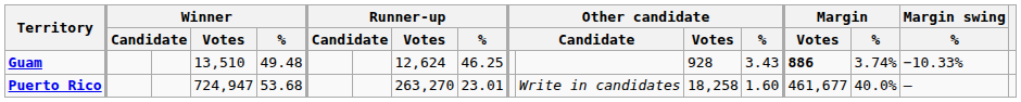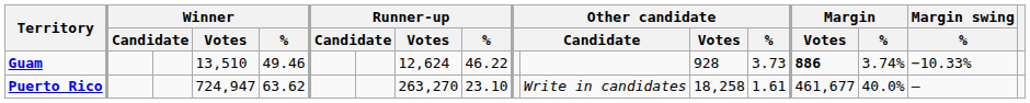 <table class="wikitable sortable">
 <tr>
 <th rowspan="2" scope="col">Territory</th>
 <th colspan="4" scope="col" style="border-left:3px solid darkgray;">Winner</th>
 <th colspan="4" scope="col" style="border-left:3px solid darkgray;">Runner-up</th>
 <th colspan="4" scope="col" style="border-left:3px solid darkgray;">Other candidate</th>
 <th colspan="2" scope="col" style="border-left:3px solid darkgray;">Margin</th>
 <th data-sort-type="number" scope="col">Margin swing</th>
 <th rowspan="2" class="unsortable" scope="col"></th>
 </tr>
 <tr>
 <th colspan="2" scope="col" style="border-left:3px solid darkgray;">Candidate</th>
 <th data-sort-type="number" scope="col">Votes</th>
 <th data-sort-type="number" scope="col">%</th>
 <th colspan="2" scope="col" style="border-left:3px solid darkgray;">Candidate</th>
 <th data-sort-type="number" scope="col">Votes</th>
 <th data-sort-type="number" scope="col">%</th>
 <th colspan="2" scope="col" style="border-left:3px solid darkgray;">Candidate</th>
 <th data-sort-type="number" scope="col">Votes</th>
 <th data-sort-type="number" scope="col">%</th>
 <th data-sort-type="number" scope="col" style="border-left:3px solid darkgray;">Votes</th>
 <th data-sort-type="number" scope="col">%</th>
 <th data-sort-type="number" scope="col">%</th>
 </tr>
 <tr>
 <td><strong><a href='#'>Guam</a></strong></td>
 <td style="text-align:left; border-left:3px solid darkgray; background-color:"></td>
 <td><strong></strong> </td>
 <td>13,510</td>
-<td>49.48</td>
+<td>49.46</td>
 <td style="text-align:left; border-left:3px solid darkgray; background-color:"></td>
 <td> </td>
 <td>12,624</td>
-<td>46.25</td>
+<td>46.22</td>
 <td style="text-align:left; border-left:3px solid darkgray; background:"></td>
 <td> </td>
 <td>928</td>
-<td>3.43</td>
+<td>3.73</td>
 <td style="border-left:3px solid darkgray;"><strong>886</strong></td>
 <td>3.74%</td>
 <td>−10.33%</td>
 <td></td>
 </tr>
 <tr>
 <td><strong><a href='#'>Puerto Rico</a></strong></td>
 <td style="text-align:left; border-left:3px solid darkgray; background-color:"></td>
 <td><strong></strong> </td>
 <td>724,947</td>
-<td>53.68</td>
+<td>63.62</td>
 <td style="text-align:left; border-left:3px solid darkgray; background-color:"></td>
 <td> </td>
 <td>263,270</td>
-<td>23.01</td>
+<td>23.10</td>
 <td style="text-align:left; border-left:3px solid darkgray; background:"></td>
 <td><em>Write in candidates</em></td>
 <td>18,258</td>
-<td>1.60</td>
+<td>1.61</td>
 <td style="border-left:3px solid darkgray;">461,677</td>
 <td>40.0%</td>
 <td>–</td>
 <td></td>
 </tr>
 </table>
